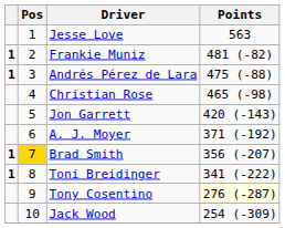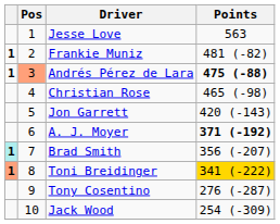 <table class="wikitable" style="font-size: 95%;">
 <tr>
 <th></th>
 <th>Pos</th>
 <th>Driver</th>
 <th>Points</th>
 </tr>
 <tr>
 <td align="left"></td>
 <td style="text-align:center;">1</td>
 <td><a href='#'>Jesse Love</a></td>
 <td style="text-align:center;">563</td>
 </tr>
 <tr>
 <td align="left"> <strong>1</strong></td>
 <td style="text-align:center;">2</td>
 <td><a href='#'>Frankie Muniz</a></td>
 <td style="text-align:center;">481 (-82)</td>
 </tr>
 <tr>
 <td align="left"> <strong>1</strong></td>
-<td style="text-align:center;">3</td>
+<td style="background: lightsalmon; text-align:center;">3</td>
 <td><a href='#'>Andrés Pérez de Lara</a></td>
-<td style="text-align:center;">475 (-88)</td>
+<td style="text-align:center;"><strong>475 (-88)</strong></td>
 </tr>
 <tr>
 <td align="left"></td>
 <td style="text-align:center;">4</td>
 <td><a href='#'>Christian Rose</a></td>
 <td style="text-align:center;">465 (-98)</td>
 </tr>
 <tr>
 <td align="left"></td>
 <td style="text-align:center;">5</td>
 <td><a href='#'>Jon Garrett</a></td>
 <td style="text-align:center;">420 (-143)</td>
 </tr>
 <tr>
 <td align="left"></td>
 <td style="text-align:center;">6</td>
 <td><a href='#'>A. J. Moyer</a></td>
-<td style="text-align:center;">371 (-192)</td>
+<td style="text-align:center;"><strong>371 (-192)</strong></td>
 </tr>
 <tr>
-<td align="left"> <strong>1</strong></td>
-<td style="background: gold; text-align:center;">7</td>
+<td align="left" style="background: paleturquoise;"> <strong>1</strong></td>
+<td style="text-align:center;">7</td>
 <td><a href='#'>Brad Smith</a></td>
 <td style="text-align:center;">356 (-207)</td>
 </tr>
 <tr>
-<td align="left"> <strong>1</strong></td>
+<td align="left" style="background: lightsalmon;"> <strong>1</strong></td>
 <td style="text-align:center;">8</td>
 <td><a href='#'>Toni Breidinger</a></td>
-<td style="text-align:center;">341 (-222)</td>
+<td style="background: gold; text-align:center;">341 (-222)</td>
 </tr>
 <tr>
 <td align="left"></td>
 <td style="text-align:center;">9</td>
 <td><a href='#'>Tony Cosentino</a></td>
-<td style="background: lightyellow; text-align:center;">276 (-287)</td>
+<td style="text-align:center;">276 (-287)</td>
 </tr>
 <tr>
 <td align="left"></td>
 <td style="text-align:center;">10</td>
 <td><a href='#'>Jack Wood</a></td>
 <td style="text-align:center;">254 (-309)</td>
 </tr>
 <tr class="sortbottom">
 </tr>
 </table>
